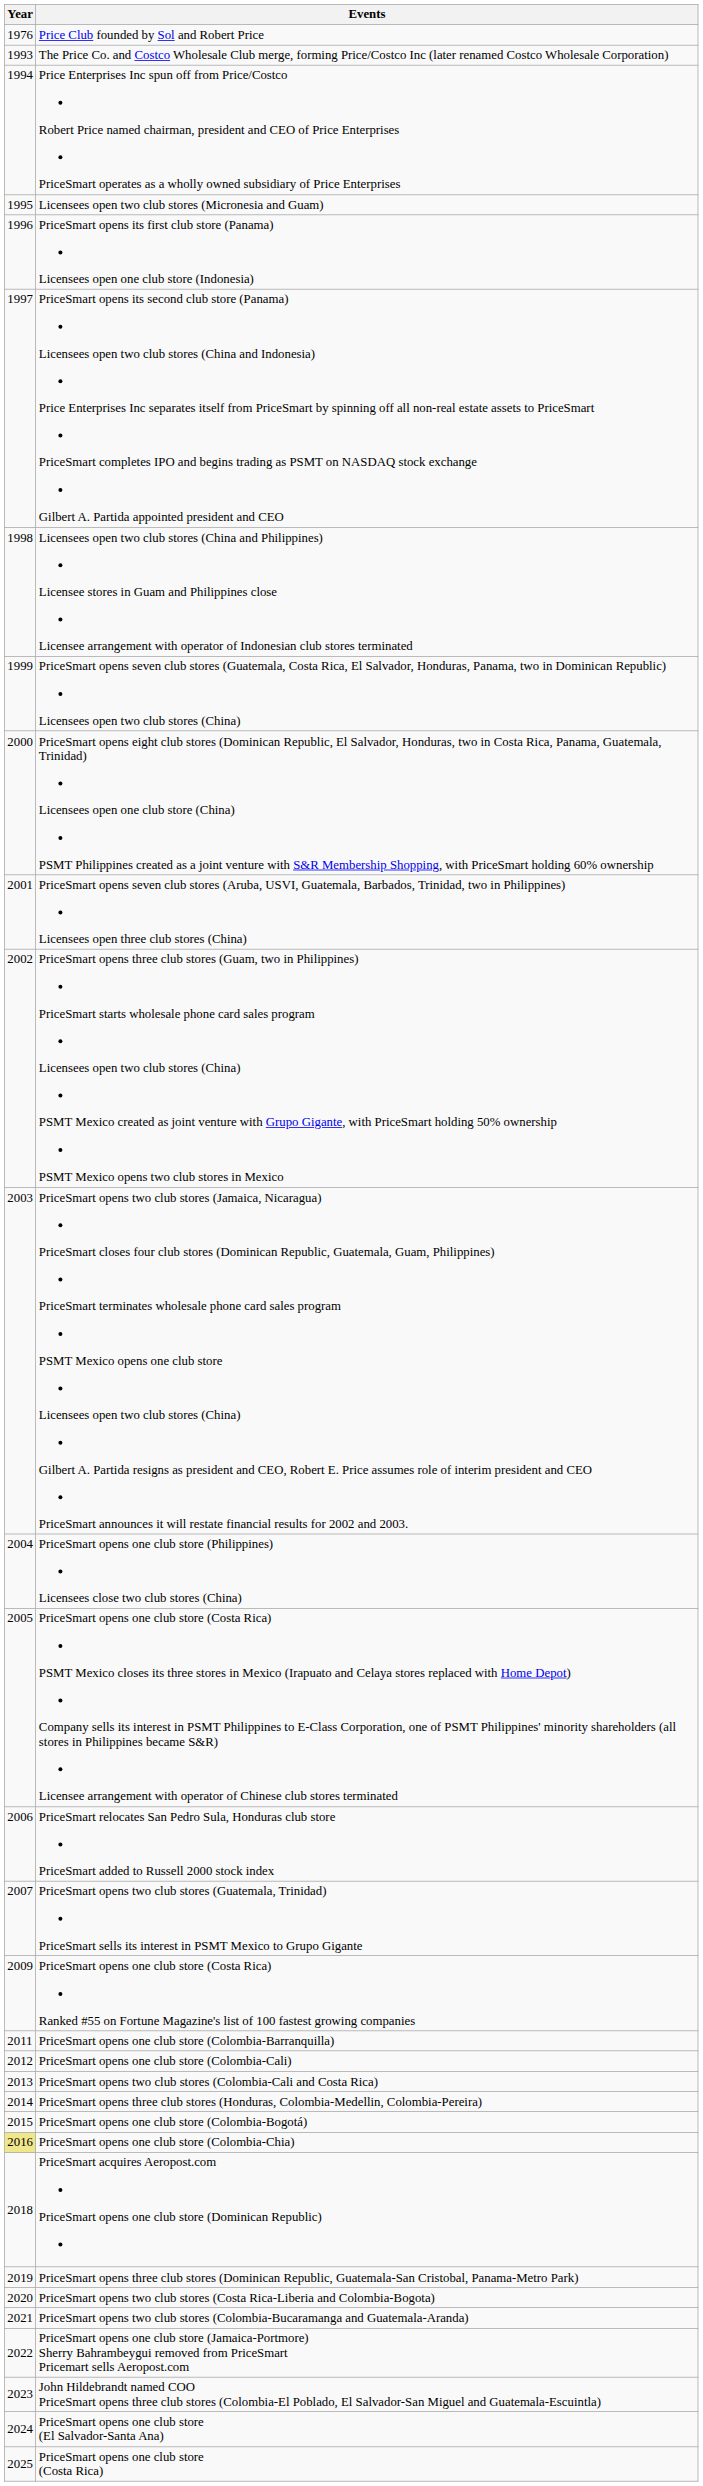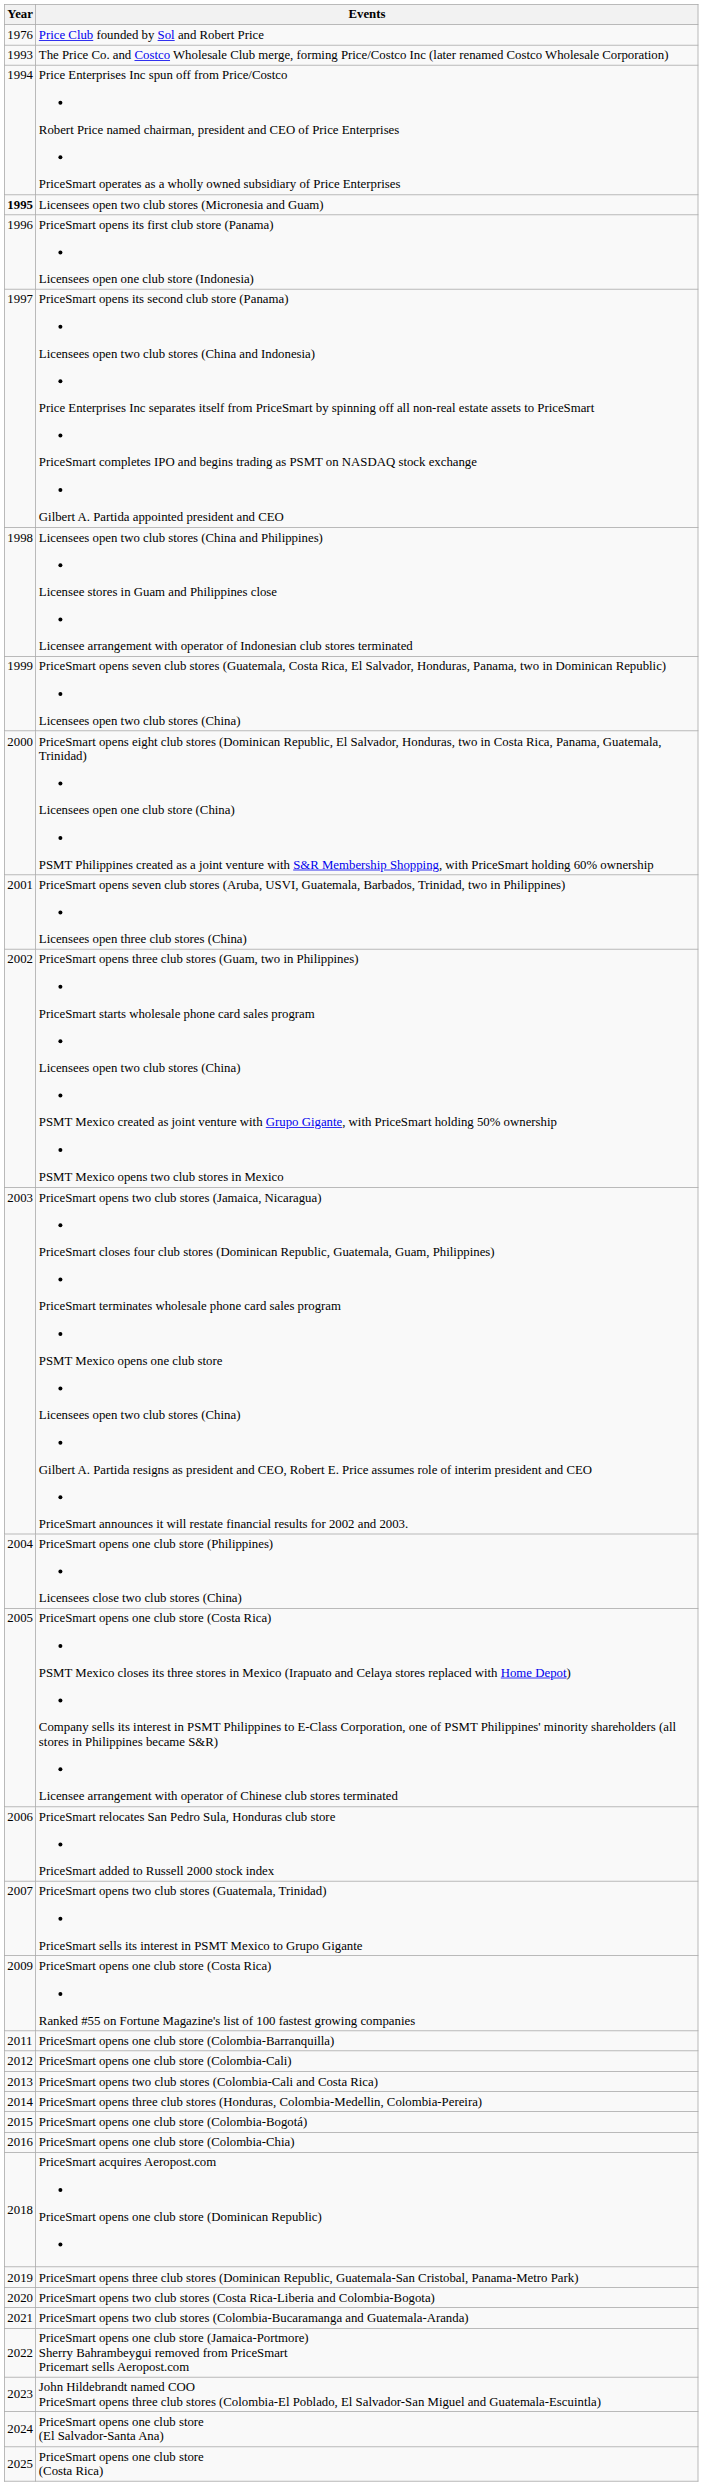 <table class="wikitable">
 <tr valign="bottom">
 <th>Year</th>
 <th>Events</th>
 </tr>
 <tr valign="top">
 <td>1976</td>
 <td><a href='#'>Price Club</a> founded by <a href='#'>Sol</a> and Robert Price</td>
 </tr>
 <tr valign="top">
 <td>1993</td>
 <td>The Price Co. and <a href='#'>Costco</a> Wholesale Club merge, forming Price/Costco Inc (later renamed Costco Wholesale Corporation)</td>
 </tr>
 <tr valign="top">
 <td>1994</td>
 <td>Price Enterprises Inc spun off from Price/Costco<br><ul><li></li></ul>Robert Price named chairman, president and CEO of Price Enterprises<ul><li></li></ul>PriceSmart operates as a wholly owned subsidiary of Price Enterprises</td>
 </tr>
 <tr valign="top">
-<td>1995</td>
+<td><strong>1995</strong></td>
 <td>Licensees open two club stores (Micronesia and Guam)</td>
 </tr>
 <tr valign="top">
 <td>1996</td>
 <td>PriceSmart opens its first club store (Panama)<br><ul><li></li></ul>Licensees open one club store (Indonesia)</td>
 </tr>
 <tr valign="top">
 <td>1997</td>
 <td>PriceSmart opens its second club store (Panama)<br><ul><li></li></ul>Licensees open two club stores (China and Indonesia)<ul><li></li></ul>Price Enterprises Inc separates itself from PriceSmart by spinning off all non-real estate assets to PriceSmart<ul><li></li></ul>PriceSmart completes IPO and begins trading as PSMT on NASDAQ stock exchange<ul><li></li></ul>Gilbert A. Partida appointed president and CEO</td>
 </tr>
 <tr valign="top">
 <td>1998</td>
 <td>Licensees open two club stores (China and Philippines)<br><ul><li></li></ul>Licensee stores in Guam and Philippines close<ul><li></li></ul>Licensee arrangement with operator of Indonesian club stores terminated</td>
 </tr>
 <tr valign="top">
 <td>1999</td>
 <td>PriceSmart opens seven club stores (Guatemala, Costa Rica, El Salvador, Honduras, Panama, two in Dominican Republic)<br><ul><li></li></ul>Licensees open two club stores (China)</td>
 </tr>
 <tr valign="top">
 <td>2000</td>
 <td>PriceSmart opens eight club stores (Dominican Republic, El Salvador, Honduras, two in Costa Rica, Panama, Guatemala, Trinidad)<br><ul><li></li></ul>Licensees open one club store (China)<ul><li></li></ul>PSMT Philippines created as a joint venture with <a href='#'>S&R Membership Shopping</a>, with PriceSmart holding 60% ownership</td>
 </tr>
 <tr valign="top">
 <td>2001</td>
 <td>PriceSmart opens seven club stores (Aruba, USVI, Guatemala, Barbados, Trinidad, two in Philippines)<br><ul><li></li></ul>Licensees open three club stores (China)</td>
 </tr>
 <tr valign="top">
 <td>2002</td>
 <td>PriceSmart opens three club stores (Guam, two in Philippines)<br><ul><li></li></ul>PriceSmart starts wholesale phone card sales program<ul><li></li></ul>Licensees open two club stores (China)<ul><li></li></ul>PSMT Mexico created as joint venture with <a href='#'>Grupo Gigante</a>, with PriceSmart holding 50% ownership<ul><li></li></ul>PSMT Mexico opens two club stores in Mexico</td>
 </tr>
 <tr valign="top">
 <td>2003</td>
 <td>PriceSmart opens two club stores (Jamaica, Nicaragua)<br><ul><li></li></ul>PriceSmart closes four club stores (Dominican Republic, Guatemala, Guam, Philippines)<ul><li></li></ul>PriceSmart terminates wholesale phone card sales program<ul><li></li></ul>PSMT Mexico opens one club store<ul><li></li></ul>Licensees open two club stores (China)<ul><li></li></ul>Gilbert A. Partida resigns as president and CEO, Robert E. Price assumes role of interim president and CEO<ul><li></li></ul>PriceSmart announces it will restate financial results for 2002 and 2003.</td>
 </tr>
 <tr valign="top">
 <td>2004</td>
 <td>PriceSmart opens one club store (Philippines)<br><ul><li></li></ul>Licensees close two club stores (China)</td>
 </tr>
 <tr valign="top">
 <td>2005</td>
 <td>PriceSmart opens one club store (Costa Rica)<br><ul><li></li></ul>PSMT Mexico closes its three stores in Mexico (Irapuato and Celaya stores replaced with <a href='#'>Home Depot</a>)<ul><li></li></ul>Company sells its interest in PSMT Philippines to E-Class Corporation, one of PSMT Philippines' minority shareholders (all stores in Philippines became S&R)<ul><li></li></ul>Licensee arrangement with operator of Chinese club stores terminated</td>
 </tr>
 <tr valign="top">
 <td>2006</td>
 <td>PriceSmart relocates San Pedro Sula, Honduras club store<br><ul><li></li></ul>PriceSmart added to Russell 2000 stock index</td>
 </tr>
 <tr valign="top">
 <td>2007</td>
 <td>PriceSmart opens two club stores (Guatemala, Trinidad)<br><ul><li></li></ul>PriceSmart sells its interest in PSMT Mexico to Grupo Gigante</td>
 </tr>
 <tr valign="top">
 <td>2009</td>
 <td>PriceSmart opens one club store (Costa Rica)<br><ul><li></li></ul>Ranked #55 on Fortune Magazine's list of 100 fastest growing companies</td>
 </tr>
 <tr valign="top">
 <td>2011</td>
 <td>PriceSmart opens one club store (Colombia-Barranquilla)</td>
 </tr>
 <tr valign="top">
 <td>2012</td>
 <td>PriceSmart opens one club store (Colombia-Cali)</td>
 </tr>
 <tr valign="top">
 <td>2013</td>
 <td>PriceSmart opens two club stores (Colombia-Cali and Costa Rica)</td>
 </tr>
 <tr valign="top">
 <td>2014</td>
 <td>PriceSmart opens three club stores (Honduras, Colombia-Medellin, Colombia-Pereira)</td>
 </tr>
 <tr>
 <td>2015</td>
 <td>PriceSmart opens one club store (Colombia-Bogotá)</td>
 </tr>
 <tr>
-<td style="background: khaki;">2016</td>
+<td>2016</td>
 <td>PriceSmart opens one club store (Colombia-Chia)</td>
 </tr>
 <tr>
 <td>2018</td>
 <td>PriceSmart acquires Aeropost.com<br><ul><li></li></ul>PriceSmart opens one club store (Dominican Republic)<ul><li></li></ul></td>
 </tr>
 <tr>
 <td>2019</td>
 <td>PriceSmart opens three club stores (Dominican Republic, Guatemala-San Cristobal, Panama-Metro Park)</td>
 </tr>
 <tr>
 <td>2020</td>
 <td>PriceSmart opens two club stores (Costa Rica-Liberia and Colombia-Bogota)</td>
 </tr>
 <tr>
 <td>2021</td>
 <td>PriceSmart opens two club stores (Colombia-Bucaramanga and Guatemala-Aranda)</td>
 </tr>
 <tr>
 <td>2022</td>
 <td>PriceSmart opens one club store (Jamaica-Portmore)<br>Sherry Bahrambeygui removed from PriceSmart<br>Pricemart sells Aeropost.com</td>
 </tr>
 <tr>
 <td>2023</td>
 <td>John Hildebrandt named COO<br>PriceSmart opens three club stores (Colombia-El Poblado, El Salvador-San Miguel and Guatemala-Escuintla)</td>
 </tr>
 <tr>
 <td>2024</td>
 <td>PriceSmart opens one club store<br>(El Salvador-Santa Ana)</td>
 </tr>
 <tr>
 <td>2025</td>
 <td>PriceSmart opens one club store<br>(Costa Rica)</td>
 </tr>
 </table>
